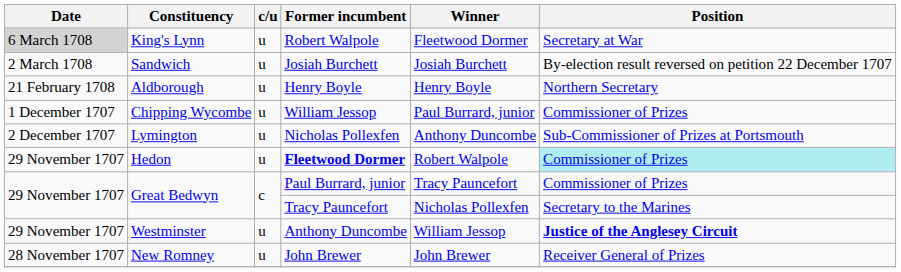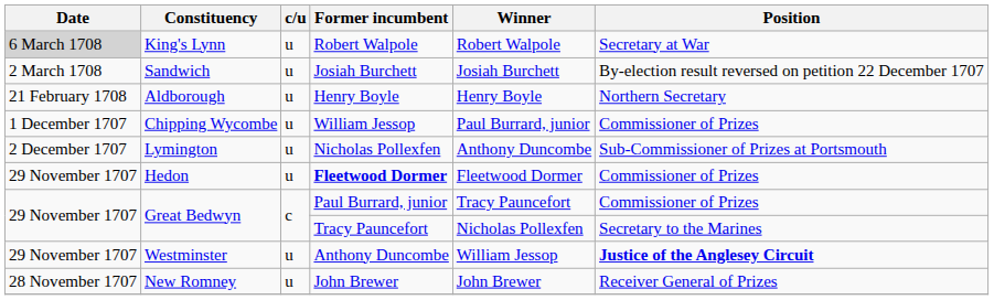 <table class="wikitable">
 <tr>
 <th>Date</th>
 <th>Constituency</th>
 <th>c/u</th>
 <th>Former incumbent</th>
 <th>Winner</th>
 <th>Position</th>
 </tr>
 <tr>
 <td style="background: lightgrey;">6 March 1708</td>
 <td><a href='#'>King's Lynn</a></td>
 <td>u</td>
 <td><a href='#'>Robert Walpole</a></td>
-<td><a href='#'>Fleetwood Dormer</a></td>
+<td><a href='#'>Robert Walpole</a></td>
 <td><a href='#'>Secretary at War</a></td>
 </tr>
 <tr>
 <td>2 March 1708</td>
 <td><a href='#'>Sandwich</a></td>
 <td>u</td>
 <td><a href='#'>Josiah Burchett</a></td>
 <td><a href='#'>Josiah Burchett</a></td>
 <td>By-election result reversed on petition 22 December 1707</td>
 </tr>
 <tr>
 <td>21 February 1708</td>
 <td><a href='#'>Aldborough</a></td>
 <td>u</td>
 <td><a href='#'>Henry Boyle</a></td>
 <td><a href='#'>Henry Boyle</a></td>
 <td><a href='#'>Northern Secretary</a></td>
 </tr>
 <tr>
 <td>1 December 1707</td>
 <td><a href='#'>Chipping Wycombe</a></td>
 <td>u</td>
 <td><a href='#'>William Jessop</a></td>
 <td><a href='#'>Paul Burrard, junior</a></td>
 <td><a href='#'>Commissioner of Prizes</a></td>
 </tr>
 <tr>
 <td>2 December 1707</td>
 <td><a href='#'>Lymington</a></td>
 <td>u</td>
 <td><a href='#'>Nicholas Pollexfen</a></td>
 <td><a href='#'>Anthony Duncombe</a></td>
 <td><a href='#'>Sub-Commissioner of Prizes at Portsmouth</a></td>
 </tr>
 <tr>
 <td>29 November 1707</td>
 <td><a href='#'>Hedon</a></td>
 <td>u</td>
 <td><strong><a href='#'>Fleetwood Dormer</a></strong></td>
-<td><a href='#'>Robert Walpole</a></td>
-<td style="background: paleturquoise;"><a href='#'>Commissioner of Prizes</a></td>
+<td><a href='#'>Fleetwood Dormer</a></td>
+<td><a href='#'>Commissioner of Prizes</a></td>
 </tr>
 <tr>
 <td rowspan=2>29 November 1707</td>
 <td rowspan=2><a href='#'>Great Bedwyn</a></td>
 <td rowspan=2>c</td>
 <td><a href='#'>Paul Burrard, junior</a></td>
 <td><a href='#'>Tracy Pauncefort</a></td>
 <td><a href='#'>Commissioner of Prizes</a></td>
 </tr>
 <tr>
 <td><a href='#'>Tracy Pauncefort</a></td>
 <td><a href='#'>Nicholas Pollexfen</a></td>
 <td><a href='#'>Secretary to the Marines</a></td>
 </tr>
 <tr>
 <td>29 November 1707</td>
 <td><a href='#'>Westminster</a></td>
 <td>u</td>
 <td><a href='#'>Anthony Duncombe</a></td>
 <td><a href='#'>William Jessop</a></td>
 <td><strong><a href='#'>Justice of the Anglesey Circuit</a></strong></td>
 </tr>
 <tr>
 <td>28 November 1707</td>
 <td><a href='#'>New Romney</a></td>
 <td>u</td>
 <td><a href='#'>John Brewer</a></td>
 <td><a href='#'>John Brewer</a></td>
 <td><a href='#'>Receiver General of Prizes</a></td>
 </tr>
 <tr>
 </tr>
 </table>
